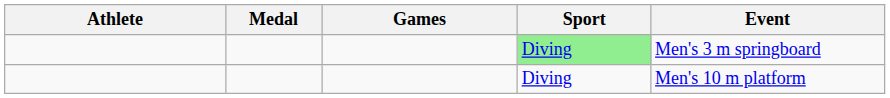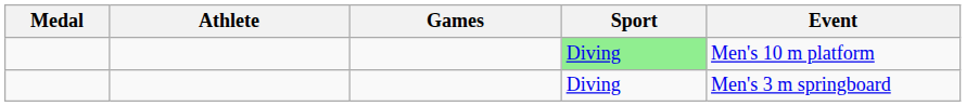 <table class="wikitable sortable" style="font-size:90%">
 <tr>
+<th width="70">Medal</th>
 <th width="170">Athlete</th>
-<th width="70">Medal</th>
 <th width="150">Games</th>
 <th width="100">Sport</th>
 <th width="180">Event</th>
 </tr>
 <tr>
+<td></td>
 <td> </td>
 <td></td>
+<td style="background: lightgreen;"> <a href='#'>Diving</a></td>
+<td><a href='#'>Men's 10 m platform</a></td>
+</tr>
+<tr>
 <td></td>
-<td style="background: lightgreen;"> <a href='#'>Diving</a></td>
+<td> </td>
+<td></td>
+<td> <a href='#'>Diving</a></td>
 <td><a href='#'>Men's 3 m springboard</a></td>
 </tr>
-<tr>
-<td> </td>
-<td></td>
-<td></td>
-<td> <a href='#'>Diving</a></td>
-<td><a href='#'>Men's 10 m platform</a></td>
-</tr>
 </table>
